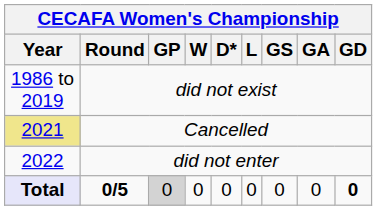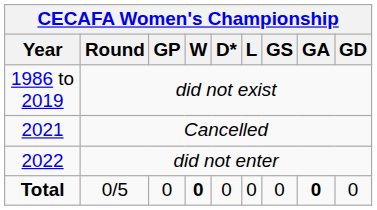 <table class="wikitable" style="text-align: center; width:50%;">
 <tr>
 <th colspan="9"><a href='#'>CECAFA Women's Championship</a></th>
 </tr>
 <tr>
 <th>Year</th>
 <th>Round</th>
 <th>GP</th>
 <th>W</th>
 <th>D*</th>
 <th>L</th>
 <th>GS</th>
 <th>GA</th>
 <th>GD</th>
 </tr>
 <tr>
 <td> <a href='#'>1986</a> to  <a href='#'>2019</a></td>
 <td colspan="8"><em>did not exist</em></td>
 </tr>
 <tr>
-<td style="background: khaki;"> <a href='#'>2021</a></td>
+<td> <a href='#'>2021</a></td>
 <td colspan=8><em>Cancelled</em></td>
 </tr>
 <tr>
 <td> <a href='#'>2022</a></td>
 <td colspan=8><em>did not enter</em></td>
 </tr>
 <tr>
-<td style="background: lavender;"><strong>Total</strong></td>
-<td><strong>0/5</strong></td>
-<td style="background: lightgrey;">0</td>
+<td><strong>Total</strong></td>
+<td>0/5</td>
 <td>0</td>
-<td>0</td>
+<td><strong>0</strong></td>
 <td>0</td>
 <td>0</td>
 <td>0</td>
 <td><strong>0</strong></td>
+<td>0</td>
 </tr>
 </table>
